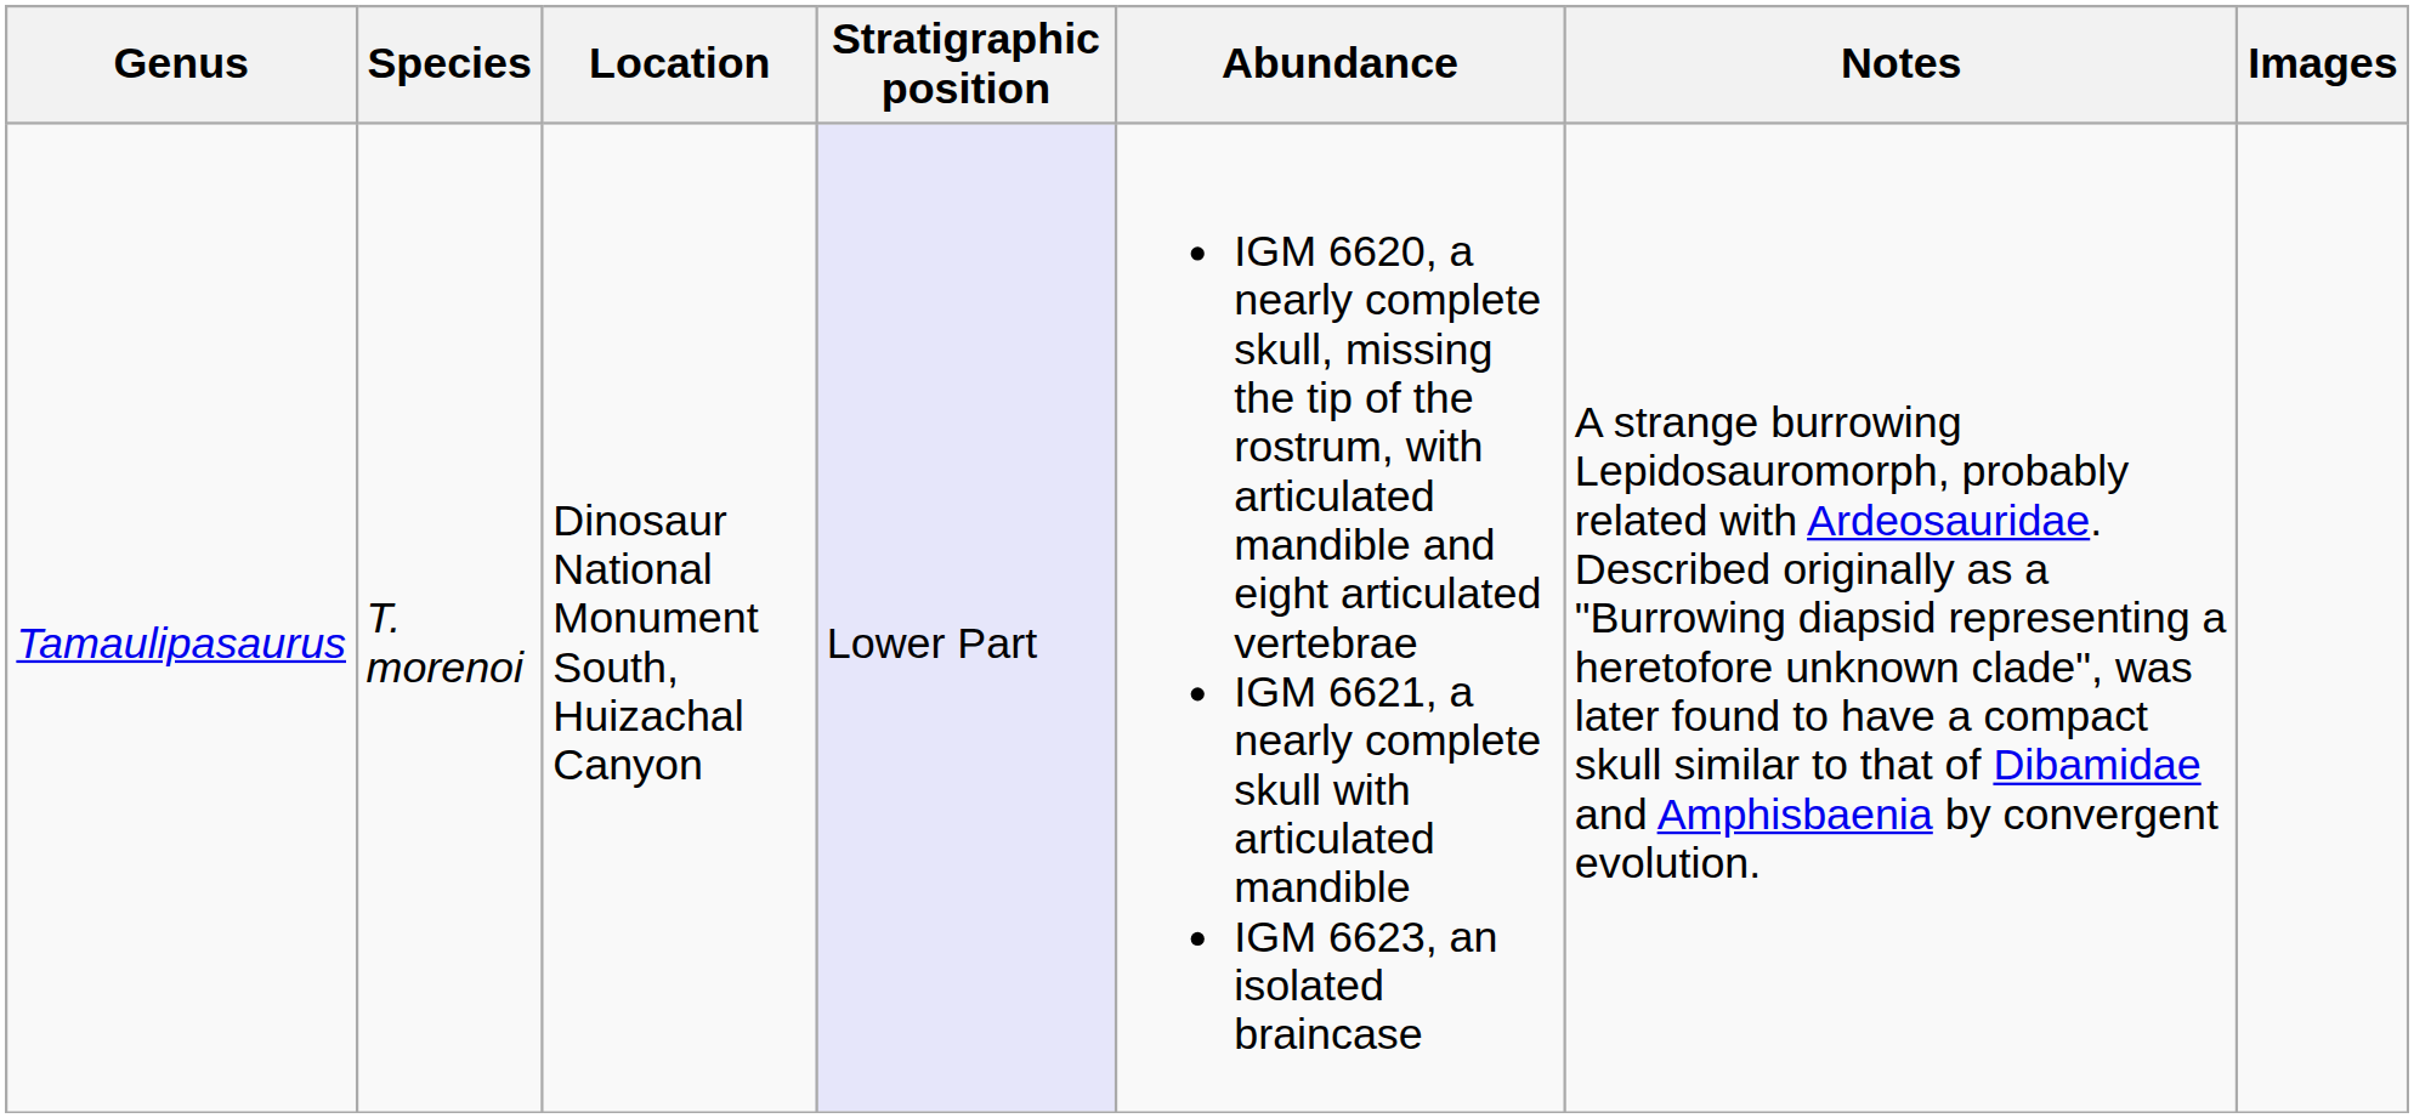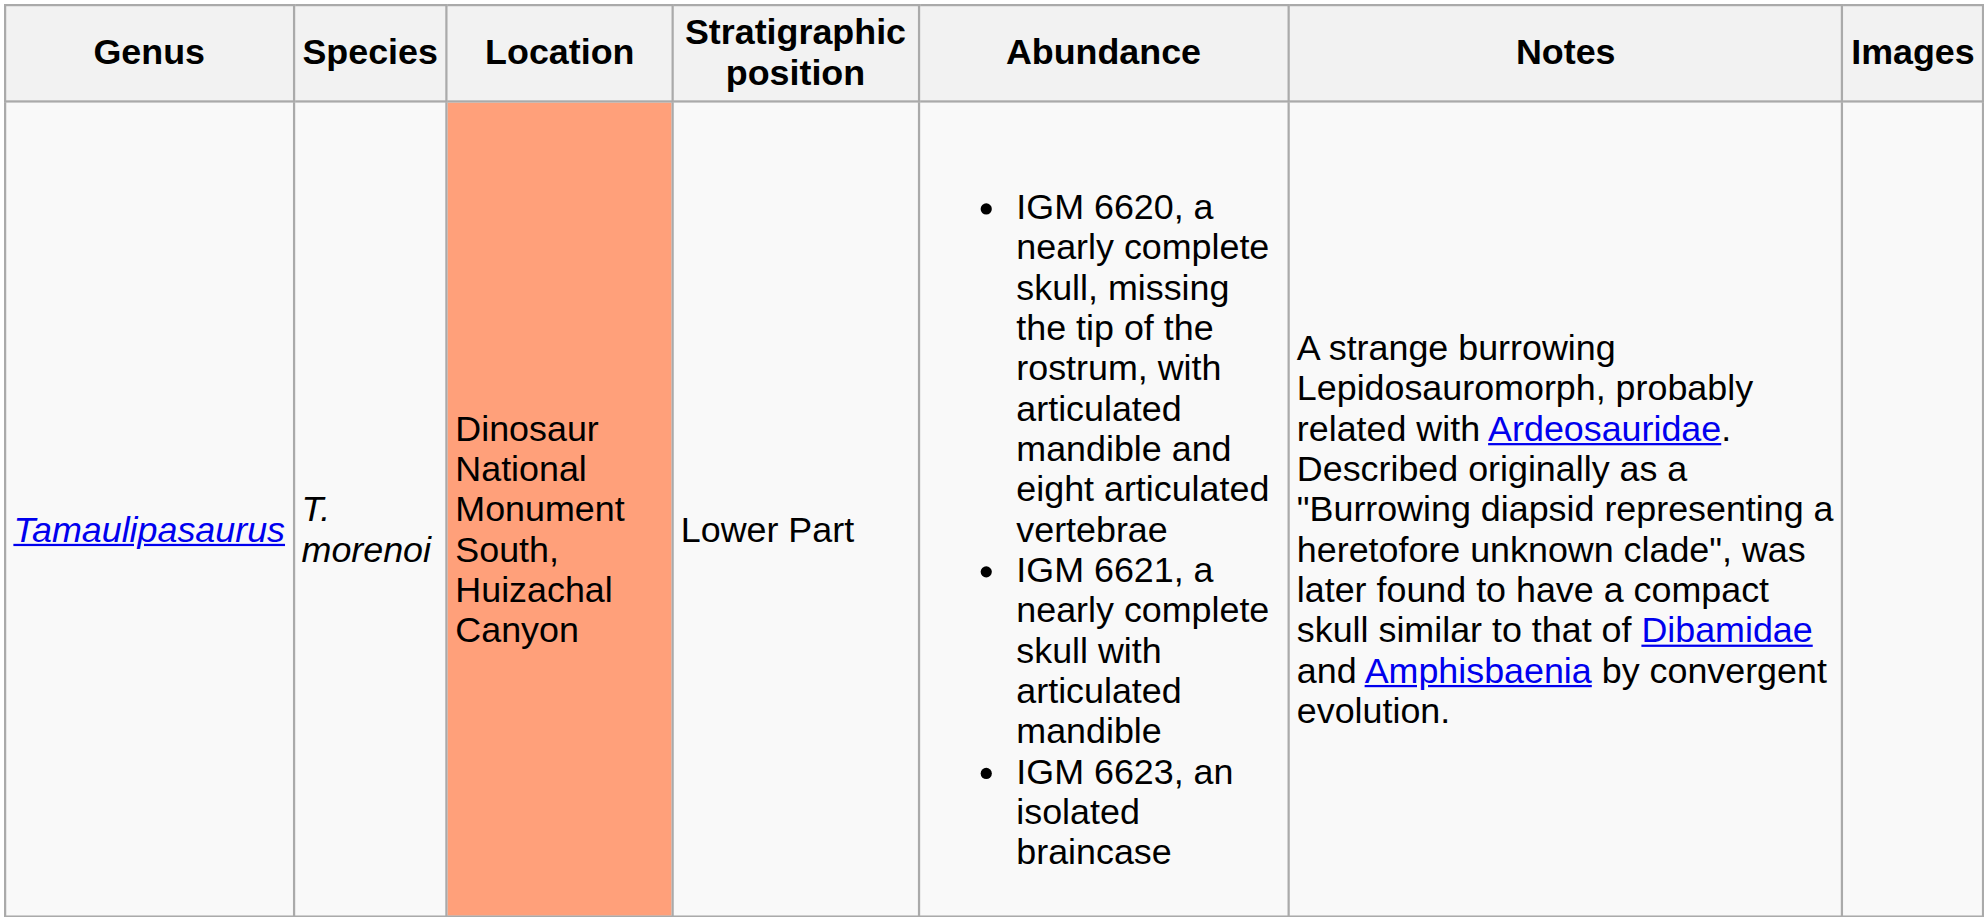 <table class="wikitable" align="center" width="100%">
 <tr>
 <th>Genus</th>
 <th>Species</th>
 <th>Location</th>
 <th>Stratigraphic position</th>
 <th>Abundance</th>
 <th>Notes</th>
 <th>Images</th>
 </tr>
 <tr>
 <td><br><em><a href='#'>Tamaulipasaurus</a></em></td>
 <td><br><em>T. morenoi</em></td>
-<td><br>Dinosaur National Monument South, Huizachal Canyon</td>
-<td style="background: lavender;"><br>Lower Part</td>
+<td style="background: lightsalmon;"><br>Dinosaur National Monument South, Huizachal Canyon</td>
+<td><br>Lower Part</td>
 <td><br><ul><li>IGM 6620, a nearly complete skull, missing the tip of the rostrum, with articulated mandible and eight articulated vertebrae</li><li>IGM 6621, a nearly complete skull with articulated mandible</li><li>IGM 6623, an isolated braincase</li></ul></td>
 <td><br>A strange burrowing Lepidosauromorph, probably related with  <a href='#'>Ardeosauridae</a>. Described originally as a "Burrowing diapsid representing a heretofore unknown clade", was later found to have a compact skull similar to that of <a href='#'>Dibamidae</a> and <a href='#'>Amphisbaenia</a>  by convergent evolution.</td>
 <td><br></td>
 </tr>
 <tr>
 </tr>
 </table>
